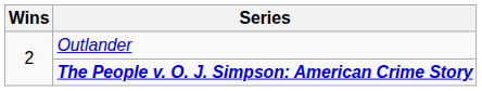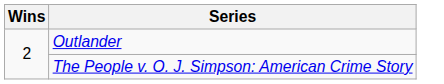 <table class="wikitable">
 <tr>
 <th>Wins</th>
 <th>Series</th>
 </tr>
 <tr>
 <td rowspan="2" align="center">2</td>
 <td><em><a href='#'>Outlander</a></em></td>
 </tr>
 <tr>
-<td><strong><em><a href='#'>The People v. O. J. Simpson: American Crime Story</a></em></strong></td>
+<td><em><a href='#'>The People v. O. J. Simpson: American Crime Story</a></em></td>
 </tr>
 </table>
